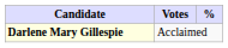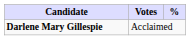 <table class="wikitable">
 <tr>
 <th style="background:#ddf; width:200px;">Candidate</th>
 <th style="background:#ddf; width:50px;">Votes</th>
 <th style="background:#ddf; width:30px;">%</th>
 </tr>
 <tr>
-<td style="background: lightyellow;"><strong>Darlene Mary Gillespie</strong></td>
+<td><strong>Darlene Mary Gillespie</strong></td>
 <td colspan="2">Acclaimed</td>
 </tr>
 </table>
